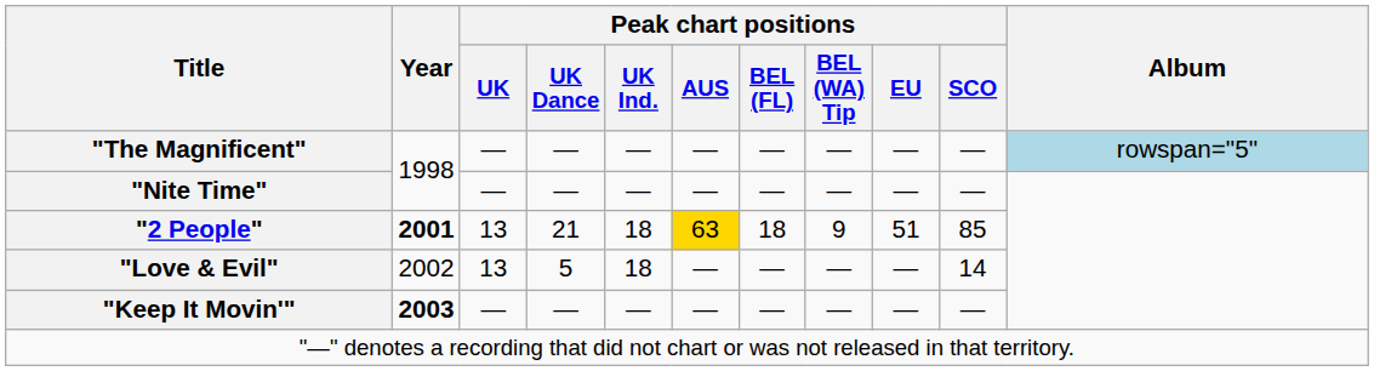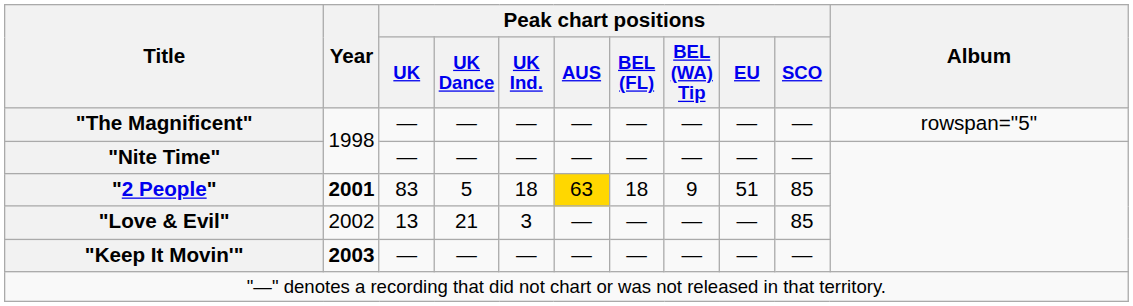 <table class="wikitable plainrowheaders" style="text-align:center;">
 <tr>
 <th scope="col" rowspan="2" style="width:15em;">Title</th>
 <th scope="col" rowspan="2" style="width:1em;">Year</th>
 <th scope="col" colspan="8">Peak chart positions</th>
 <th scope="col" rowspan="2" style="width:14em;">Album</th>
 </tr>
 <tr>
 <th scope="col" style="width:2.5em;font-size:90%;"><a href='#'>UK</a><br></th>
 <th scope="col" style="width:2.5em;font-size:90%;"><a href='#'>UK<br>Dance</a><br></th>
 <th scope="col" style="width:2.5em;font-size:90%;"><a href='#'>UK<br>Ind.</a><br></th>
 <th scope="col" style="width:2.5em;font-size:90%;"><a href='#'>AUS</a><br></th>
 <th scope="col" style="width:2.5em;font-size:90%;"><a href='#'>BEL<br>(FL)</a><br></th>
 <th scope="col" style="width:2.5em;font-size:90%;"><a href='#'>BEL<br>(WA)<br>Tip</a><br></th>
 <th scope="col" style="width:2.5em;font-size:90%;"><a href='#'>EU</a><br></th>
 <th scope="col" style="width:2.5em;font-size:90%;"><a href='#'>SCO</a><br></th>
 </tr>
 <tr>
 <th scope="row">"The Magnificent"</th>
 <td rowspan="2">1998</td>
 <td>—</td>
 <td>—</td>
 <td>—</td>
 <td>—</td>
 <td>—</td>
 <td>—</td>
 <td>—</td>
 <td>—</td>
-<td style="background: lightblue;">rowspan="5" </td>
+<td>rowspan="5" </td>
 </tr>
 <tr>
 <th scope="row">"Nite Time"</th>
 <td>—</td>
 <td>—</td>
 <td>—</td>
 <td>—</td>
 <td>—</td>
 <td>—</td>
 <td>—</td>
 <td>—</td>
 </tr>
 <tr>
 <th scope="row">"<a href='#'>2 People</a>"</th>
 <td><strong>2001</strong></td>
-<td>13</td>
-<td>21</td>
+<td>83</td>
+<td>5</td>
 <td>18</td>
 <td style="background: gold;">63</td>
 <td>18</td>
 <td>9</td>
 <td>51</td>
 <td>85</td>
 </tr>
 <tr>
 <th scope="row">"Love & Evil"</th>
 <td>2002</td>
 <td>13</td>
-<td>5</td>
-<td>18</td>
+<td>21</td>
+<td>3</td>
 <td>—</td>
 <td>—</td>
 <td>—</td>
 <td>—</td>
-<td>14</td>
+<td>85</td>
 </tr>
 <tr>
 <th scope="row">"Keep It Movin'"</th>
 <td><strong>2003</strong></td>
 <td>—</td>
 <td>—</td>
 <td>—</td>
 <td>—</td>
 <td>—</td>
 <td>—</td>
 <td>—</td>
 <td>—</td>
 </tr>
 <tr>
 <td colspan="14" style="font-size:90%">"—" denotes a recording that did not chart or was not released in that territory.</td>
 </tr>
 </table>
